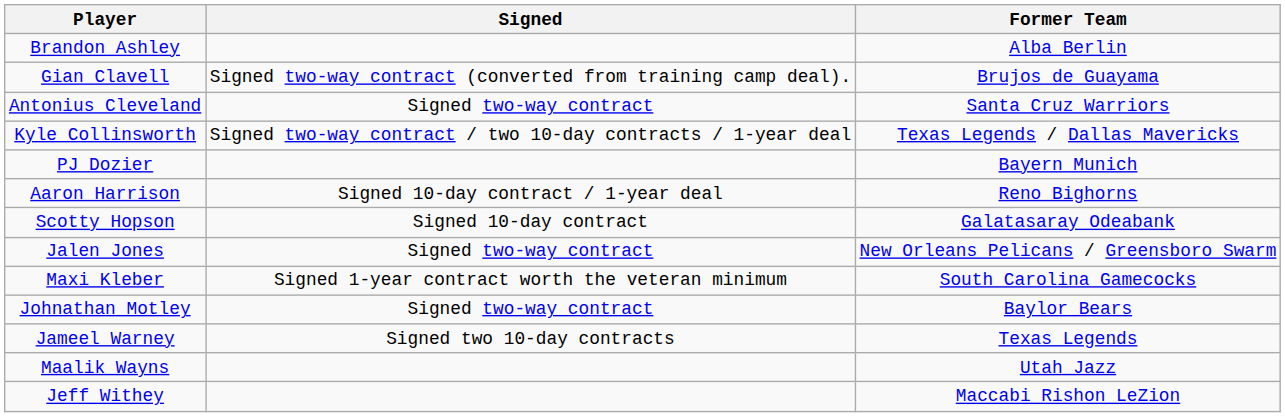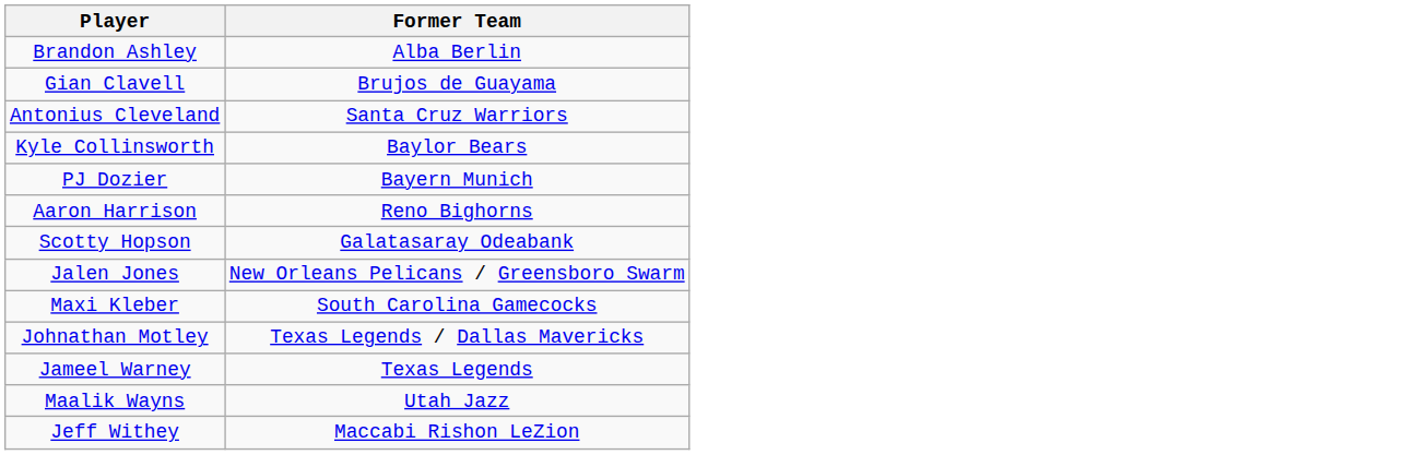 <table class="wikitable sortable sortable">
 <tr>
 <th>Player</th>
-<th>Signed</th>
 <th>Former Team</th>
 </tr>
 <tr style="text-align: center">
 <td><a href='#'>Brandon Ashley</a></td>
-<td></td>
 <td> <a href='#'>Alba Berlin</a></td>
 </tr>
 <tr style="text-align: center">
 <td><a href='#'>Gian Clavell</a></td>
-<td>Signed <a href='#'>two-way contract</a> (converted from training camp deal).</td>
 <td> <a href='#'>Brujos de Guayama</a></td>
 </tr>
 <tr style="text-align: center">
 <td><a href='#'>Antonius Cleveland</a></td>
-<td>Signed <a href='#'>two-way contract</a></td>
 <td><a href='#'>Santa Cruz Warriors</a></td>
 </tr>
 <tr style="text-align: center">
 <td><a href='#'>Kyle Collinsworth</a></td>
-<td>Signed <a href='#'>two-way contract</a> / two 10-day contracts / 1-year deal</td>
-<td><a href='#'>Texas Legends</a> / <a href='#'>Dallas Mavericks</a></td>
+<td><a href='#'>Baylor Bears</a></td>
 </tr>
 <tr style="text-align: center">
 <td><a href='#'>PJ Dozier</a></td>
-<td></td>
 <td> <a href='#'>Bayern Munich</a></td>
 </tr>
 <tr style="text-align: center">
 <td><a href='#'>Aaron Harrison</a></td>
-<td>Signed 10-day contract / 1-year deal</td>
 <td><a href='#'>Reno Bighorns</a></td>
 </tr>
 <tr style="text-align: center">
 <td><a href='#'>Scotty Hopson</a></td>
-<td>Signed 10-day contract</td>
 <td> <a href='#'>Galatasaray Odeabank</a></td>
 </tr>
 <tr style="text-align: center">
 <td><a href='#'>Jalen Jones</a></td>
-<td>Signed <a href='#'>two-way contract</a></td>
 <td><a href='#'>New Orleans Pelicans</a> / <a href='#'>Greensboro Swarm</a></td>
 </tr>
 <tr style="text-align: center">
 <td><a href='#'>Maxi Kleber</a></td>
-<td>Signed 1-year contract worth the veteran minimum</td>
 <td><a href='#'>South Carolina Gamecocks</a></td>
 </tr>
 <tr style="text-align: center">
 <td><a href='#'>Johnathan Motley</a></td>
-<td>Signed <a href='#'>two-way contract</a></td>
-<td><a href='#'>Baylor Bears</a></td>
+<td><a href='#'>Texas Legends</a> / <a href='#'>Dallas Mavericks</a></td>
 </tr>
 <tr style="text-align: center">
 <td><a href='#'>Jameel Warney</a></td>
-<td>Signed two 10-day contracts</td>
 <td><a href='#'>Texas Legends</a></td>
 </tr>
 <tr style="text-align: center">
 <td><a href='#'>Maalik Wayns</a></td>
-<td></td>
 <td><a href='#'>Utah Jazz</a></td>
 </tr>
 <tr style="text-align: center">
 <td><a href='#'>Jeff Withey</a></td>
-<td></td>
 <td> <a href='#'>Maccabi Rishon LeZion</a></td>
 </tr>
 </table>
